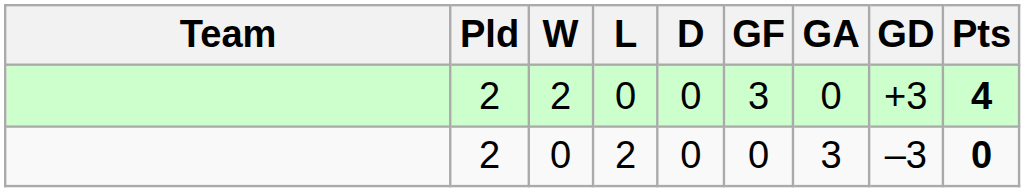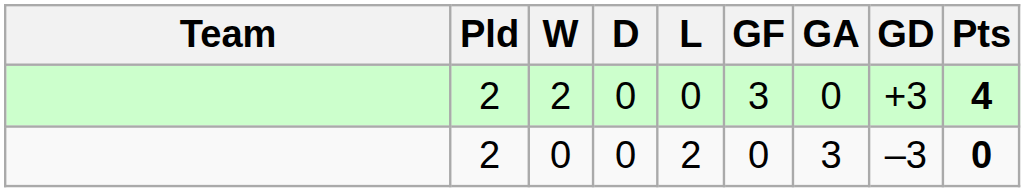 <table class="wikitable" style="text-align:center;">
 <tr>
 <th width=180>Team</th>
 <th width=20>Pld</th>
 <th width=20>W</th>
+<th width=20>D</th>
 <th width=20>L</th>
-<th width=20>D</th>
 <th width=20>GF</th>
 <th width=20>GA</th>
 <th width=20>GD</th>
 <th width=20>Pts</th>
 </tr>
 <tr bgcolor="ccffcc">
 <td align="left"></td>
 <td>2</td>
 <td>2</td>
 <td>0</td>
 <td>0</td>
 <td>3</td>
 <td>0</td>
 <td>+3</td>
 <td><strong>4</strong></td>
 </tr>
 <tr>
 <td align="left"></td>
 <td>2</td>
 <td>0</td>
+<td>0</td>
 <td>2</td>
-<td>0</td>
 <td>0</td>
 <td>3</td>
 <td>–3</td>
 <td><strong>0</strong></td>
 </tr>
 </table>
